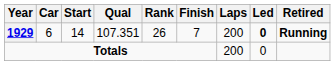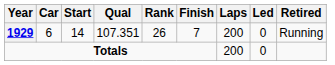 <table class="wikitable" style="text-align:center">
 <tr>
 <th>Year</th>
 <th>Car</th>
 <th>Start</th>
 <th>Qual</th>
 <th>Rank</th>
 <th>Finish</th>
 <th>Laps</th>
 <th>Led</th>
 <th>Retired</th>
 </tr>
 <tr>
 <th><a href='#'>1929</a></th>
 <td>6</td>
 <td>14</td>
 <td>107.351</td>
 <td>26</td>
 <td>7</td>
 <td>200</td>
-<td><strong>0</strong></td>
-<td><strong>Running</strong></td>
+<td>0</td>
+<td>Running</td>
 </tr>
 <tr>
 <td colspan=6><strong>Totals</strong></td>
 <td>200</td>
 <td>0</td>
 <td></td>
 </tr>
 </table>
